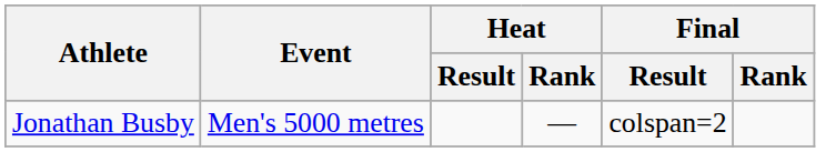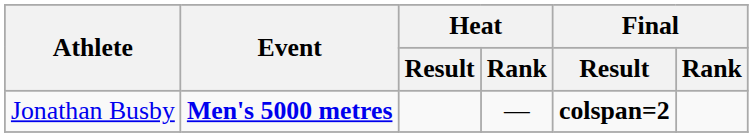 <table class="wikitable" style="text-align:center; font-size:90%">
 <tr>
 <th rowspan="2">Athlete</th>
 <th rowspan="2">Event</th>
 <th colspan="2">Heat</th>
 <th colspan="2">Final</th>
 </tr>
 <tr>
 <th>Result</th>
 <th>Rank</th>
 <th>Result</th>
 <th>Rank</th>
 </tr>
 <tr>
 <td><a href='#'>Jonathan Busby</a></td>
-<td><a href='#'>Men's 5000 metres</a></td>
+<td><strong><a href='#'>Men's 5000 metres</a></strong></td>
 <td></td>
 <td>—</td>
-<td>colspan=2</td>
+<td><strong>colspan=2</strong></td>
 </tr>
 </table>
